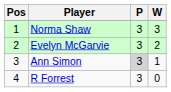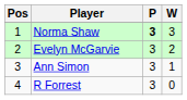 <table class="wikitable">
 <tr>
 <th width=20>Pos</th>
 <th width=150>Player</th>
 <th width=20>P</th>
 <th width=20>W</th>
 </tr>
 <tr>
 </tr>
 <tr align=center style="background: #ccffcc;">
 <td>1</td>
 <td align="left"> <a href='#'>Norma Shaw</a></td>
-<td>3</td>
+<td><strong>3</strong></td>
 <td>3</td>
 </tr>
 <tr align=center style="background: #ccffcc;">
 <td>2</td>
 <td align="left"> <a href='#'>Evelyn McGarvie</a></td>
 <td>3</td>
 <td>2</td>
 </tr>
 <tr align=center>
 <td>3</td>
 <td align="left"> <a href='#'>Ann Simon</a></td>
-<td style="background: lightgrey;">3</td>
+<td>3</td>
 <td>1</td>
 </tr>
 <tr align=center>
 <td>4</td>
 <td align="left"> <a href='#'>R Forrest</a></td>
 <td>3</td>
 <td>0</td>
 </tr>
 </table>
